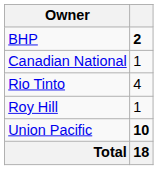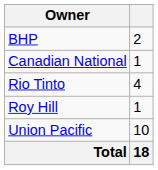 <table class="wikitable sortable mw-collapsible" style="text-align:left;margin:auto">
 <tr>
 <th>Owner</th>
 <th></th>
 </tr>
 <tr>
 <td><a href='#'>BHP</a></td>
-<td><strong>2</strong></td>
+<td>2</td>
 </tr>
 <tr>
 <td><a href='#'>Canadian National</a></td>
 <td>1</td>
 </tr>
 <tr>
 <td><a href='#'>Rio Tinto</a></td>
 <td>4</td>
 </tr>
 <tr>
 <td><a href='#'>Roy Hill</a></td>
 <td>1</td>
 </tr>
 <tr>
 <td><a href='#'>Union Pacific</a></td>
-<td><strong>10</strong></td>
+<td>10</td>
 </tr>
 <tr>
 <th colspan=1 style="text-align:right">Total</th>
 <th>18</th>
 </tr>
 </table>
